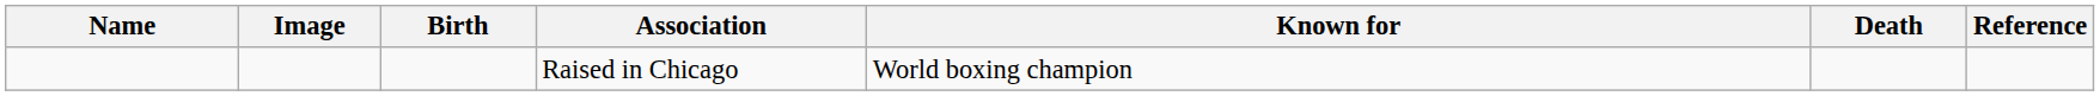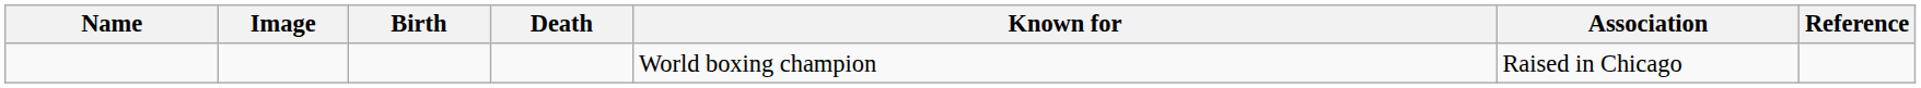 <table class="wikitable sortable">
 <tr>
 <th scope="col" width="140">Name</th>
 <th scope="col" width="80" class="unsortable">Image</th>
 <th scope="col" width="90">Birth</th>
+<th scope="col" width="90">Death</th>
+<th scope="col" width="600" class="unsortable">Known for</th>
 <th scope="col" width="200" class="unsortable">Association</th>
-<th scope="col" width="600" class="unsortable">Known for</th>
-<th scope="col" width="90">Death</th>
 <th scope="col" width="30" class="unsortable">Reference</th>
 </tr>
 <tr>
 <td></td>
 <td></td>
 <td align=right></td>
+<td></td>
+<td>World boxing champion</td>
 <td>Raised in Chicago</td>
-<td>World boxing champion</td>
-<td></td>
 <td align="center"></td>
 </tr>
 </table>
